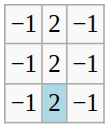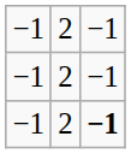 <table class="wikitable">
 <tr>
 <td>−1</td>
 <td>2</td>
 <td>−1</td>
 </tr>
 <tr>
 <td>−1</td>
 <td>2</td>
 <td>−1</td>
 </tr>
 <tr>
 <td>−1</td>
-<td style="background: lightblue;">2</td>
-<td>−1</td>
+<td>2</td>
+<td><strong>−1</strong></td>
 </tr>
 </table>
